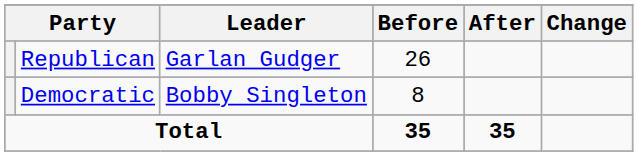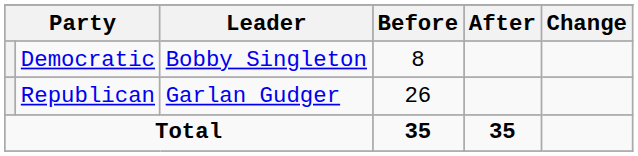 <table class="wikitable" style="text-align:center;">
 <tr>
 </tr>
 <tr>
 <th colspan=2>Party</th>
 <th>Leader</th>
 <th style="width:3em">Before</th>
 <th style="width:3em">After</th>
 <th style="width:3em">Change</th>
 </tr>
 <tr>
 <th style="background-color:"></th>
-<td style="text-align:left;"><a href='#'>Republican</a></td>
-<td style="text-align:left;"><a href='#'>Garlan Gudger</a></td>
-<td>26</td>
+<td style="text-align:left;"><a href='#'>Democratic</a></td>
+<td style="text-align:left;"><a href='#'>Bobby Singleton</a></td>
+<td>8</td>
 <td></td>
 <td></td>
 </tr>
 <tr>
 <th style="background-color:"></th>
-<td style="text-align:left;"><a href='#'>Democratic</a></td>
-<td style="text-align:left;"><a href='#'>Bobby Singleton</a></td>
-<td>8</td>
+<td style="text-align:left;"><a href='#'>Republican</a></td>
+<td style="text-align:left;"><a href='#'>Garlan Gudger</a></td>
+<td>26</td>
 <td></td>
 <td></td>
 </tr>
 <tr>
 <td colspan=3><strong>Total</strong></td>
 <td><strong>35</strong></td>
 <td><strong>35</strong></td>
 <td></td>
 </tr>
 </table>
